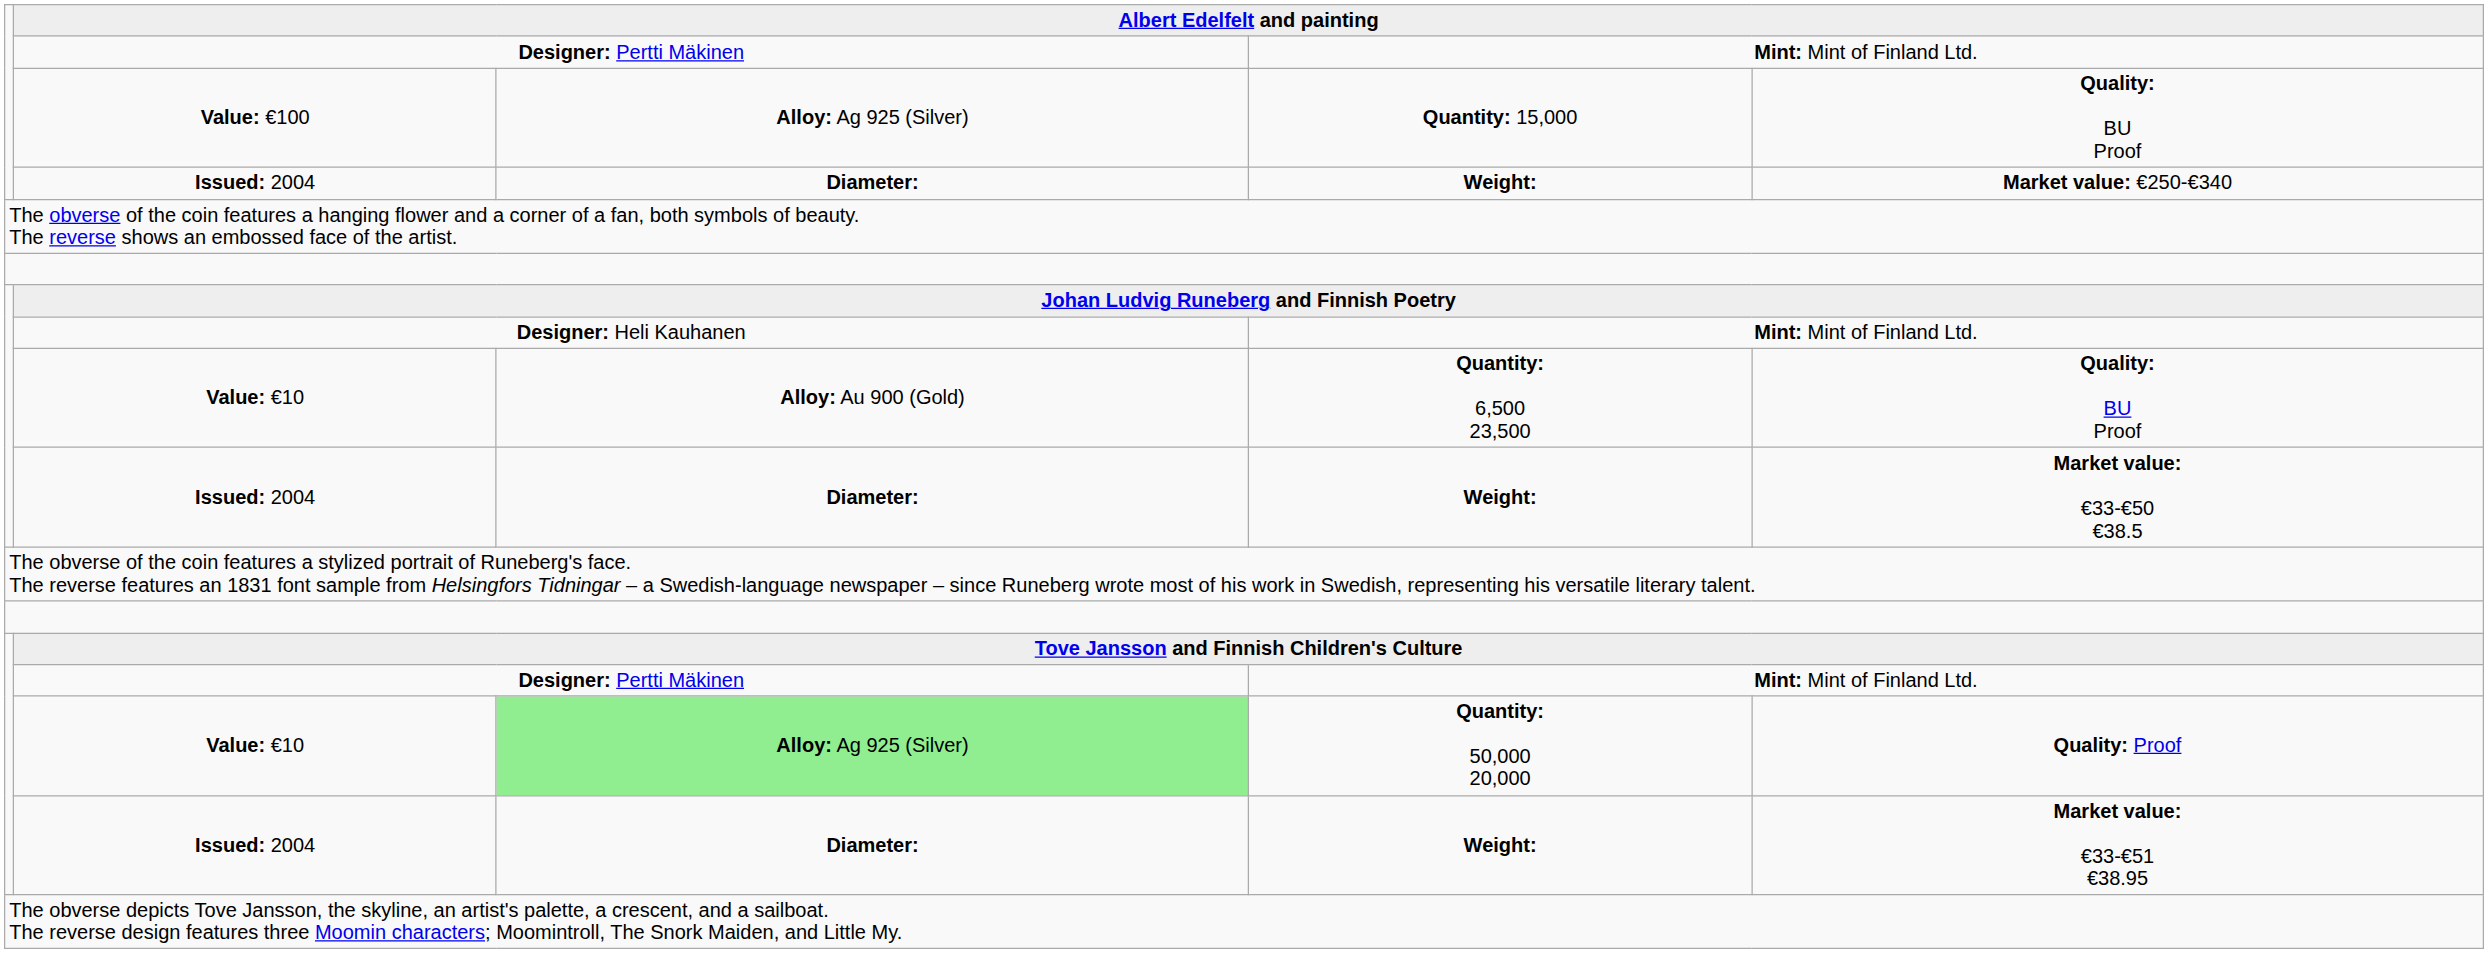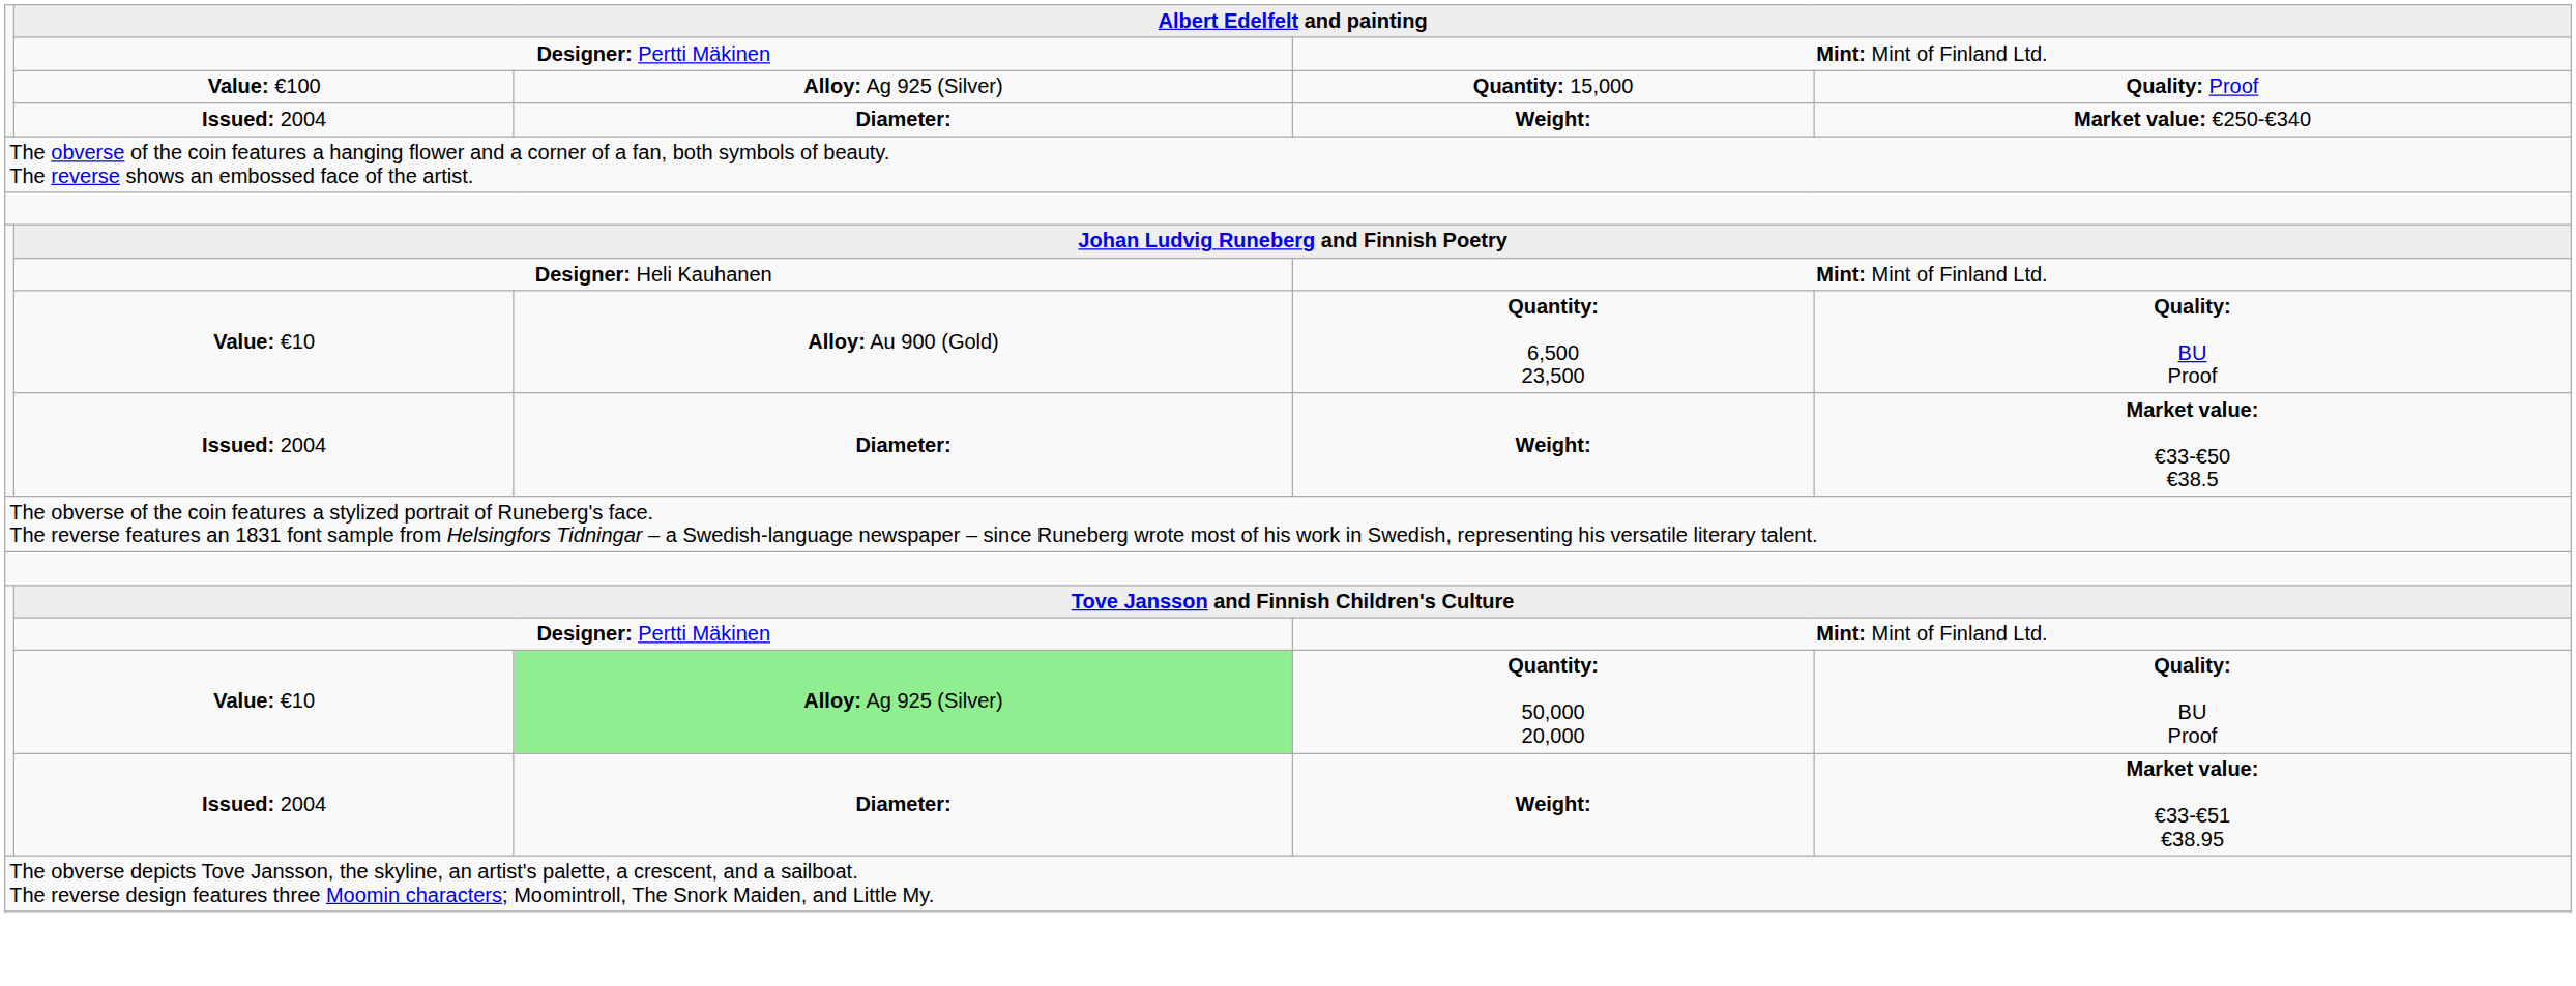 <table class="wikitable" style="width:100%;">
 <tr>
 <td rowspan="4"  style="white-space:nowrap; width:330px; text-align:center;"></td>
 <th colspan="4"  style="text-align:center; background:#eee;"><a href='#'>Albert Edelfelt</a> and painting</th>
 </tr>
 <tr style="text-align:center;">
 <td colspan="2"  style="width:50%; "><strong>Designer:</strong> <a href='#'>Pertti Mäkinen</a></td>
 <td colspan="2"  style="width:50%; "><strong>Mint:</strong> Mint of Finland Ltd.</td>
 </tr>
 <tr>
 <td align=center><strong>Value:</strong> €100</td>
 <td align=center><strong>Alloy:</strong> Ag 925 (Silver)</td>
 <td align=center><strong>Quantity:</strong> 15,000</td>
-<td align=center><strong>Quality:</strong> <br><br>BU<br> Proof</td>
+<td align=center><strong>Quality:</strong>	<a href='#'>Proof</a></td>
 </tr>
 <tr>
 <td align=center><strong>Issued:</strong> 2004</td>
 <td align=center><strong>Diameter:</strong> </td>
 <td align=center><strong>Weight:</strong> </td>
 <td align=center><strong>Market value:</strong> €250-€340</td>
 </tr>
 <tr>
 <td colspan="5" style="text-align:left;">The <a href='#'>obverse</a> of the coin features a hanging flower and a corner of a fan, both symbols of beauty.<br>The <a href='#'>reverse</a> shows an embossed face of the artist.</td>
 </tr>
 <tr>
 <td colspan="5"> </td>
 </tr>
 <tr>
 <td rowspan="4"  style="white-space:nowrap; width:330px; text-align:center;"></td>
 <th colspan="4"  style="text-align:center; background:#eee;"><a href='#'>Johan Ludvig Runeberg</a> and Finnish Poetry</th>
 </tr>
 <tr style="text-align:center;">
 <td colspan="2"  style="width:50%; "><strong>Designer:</strong> Heli Kauhanen</td>
 <td colspan="2"  style="width:50%; "><strong>Mint:</strong> Mint of Finland Ltd.</td>
 </tr>
 <tr>
 <td align=center><strong>Value:</strong> €10</td>
 <td align=center><strong>Alloy:</strong> Au 900 (Gold)</td>
 <td align=center><strong>Quantity:</strong> <br><br>6,500<br> 23,500</td>
 <td align=center><strong>Quality:</strong> <br><br><a href='#'>BU</a><br> Proof</td>
 </tr>
 <tr>
 <td align=center><strong>Issued:</strong> 2004</td>
 <td align=center><strong>Diameter:</strong> </td>
 <td align=center><strong>Weight:</strong> </td>
 <td align=center><strong>Market value:</strong> <br><br>€33-€50<br> €38.5</td>
 </tr>
 <tr>
 <td colspan="5" style="text-align:left;">The obverse of the coin features a stylized portrait of Runeberg's face.<br>The reverse features an 1831 font sample from <em>Helsingfors Tidningar</em> – a Swedish-language newspaper – since Runeberg wrote most of his work in Swedish, representing his versatile literary talent.</td>
 </tr>
 <tr>
 <td colspan="5"> </td>
 </tr>
 <tr>
 <td rowspan="4"  style="white-space:nowrap; width:330px; text-align:center;"></td>
 <th colspan="4"  style="text-align:center; background:#eee;"><a href='#'>Tove Jansson</a> and Finnish Children's Culture</th>
 </tr>
 <tr style="text-align:center;">
 <td colspan="2"  style="width:50%; "><strong>Designer:</strong> <a href='#'>Pertti Mäkinen</a></td>
 <td colspan="2"  style="width:50%; "><strong>Mint:</strong> Mint of Finland Ltd.</td>
 </tr>
 <tr>
 <td align=center><strong>Value:</strong> €10</td>
 <td align=center style="background: lightgreen;"><strong>Alloy:</strong> Ag 925 (Silver)</td>
 <td align=center><strong>Quantity:</strong> <br><br>50,000<br> 20,000</td>
-<td align=center><strong>Quality:</strong>	<a href='#'>Proof</a></td>
+<td align=center><strong>Quality:</strong> <br><br>BU<br> Proof</td>
 </tr>
 <tr>
 <td align=center><strong>Issued:</strong> 2004</td>
 <td align=center><strong>Diameter:</strong> </td>
 <td align=center><strong>Weight:</strong> </td>
 <td align=center><strong>Market value:</strong> <br><br>€33-€51<br> €38.95</td>
 </tr>
 <tr>
 <td colspan="5" style="text-align:left;">The obverse depicts Tove Jansson, the skyline, an artist's palette, a crescent, and a sailboat.<br>The reverse design features three <a href='#'>Moomin characters</a>; Moomintroll, The Snork Maiden, and Little My.</td>
 </tr>
 </table>
